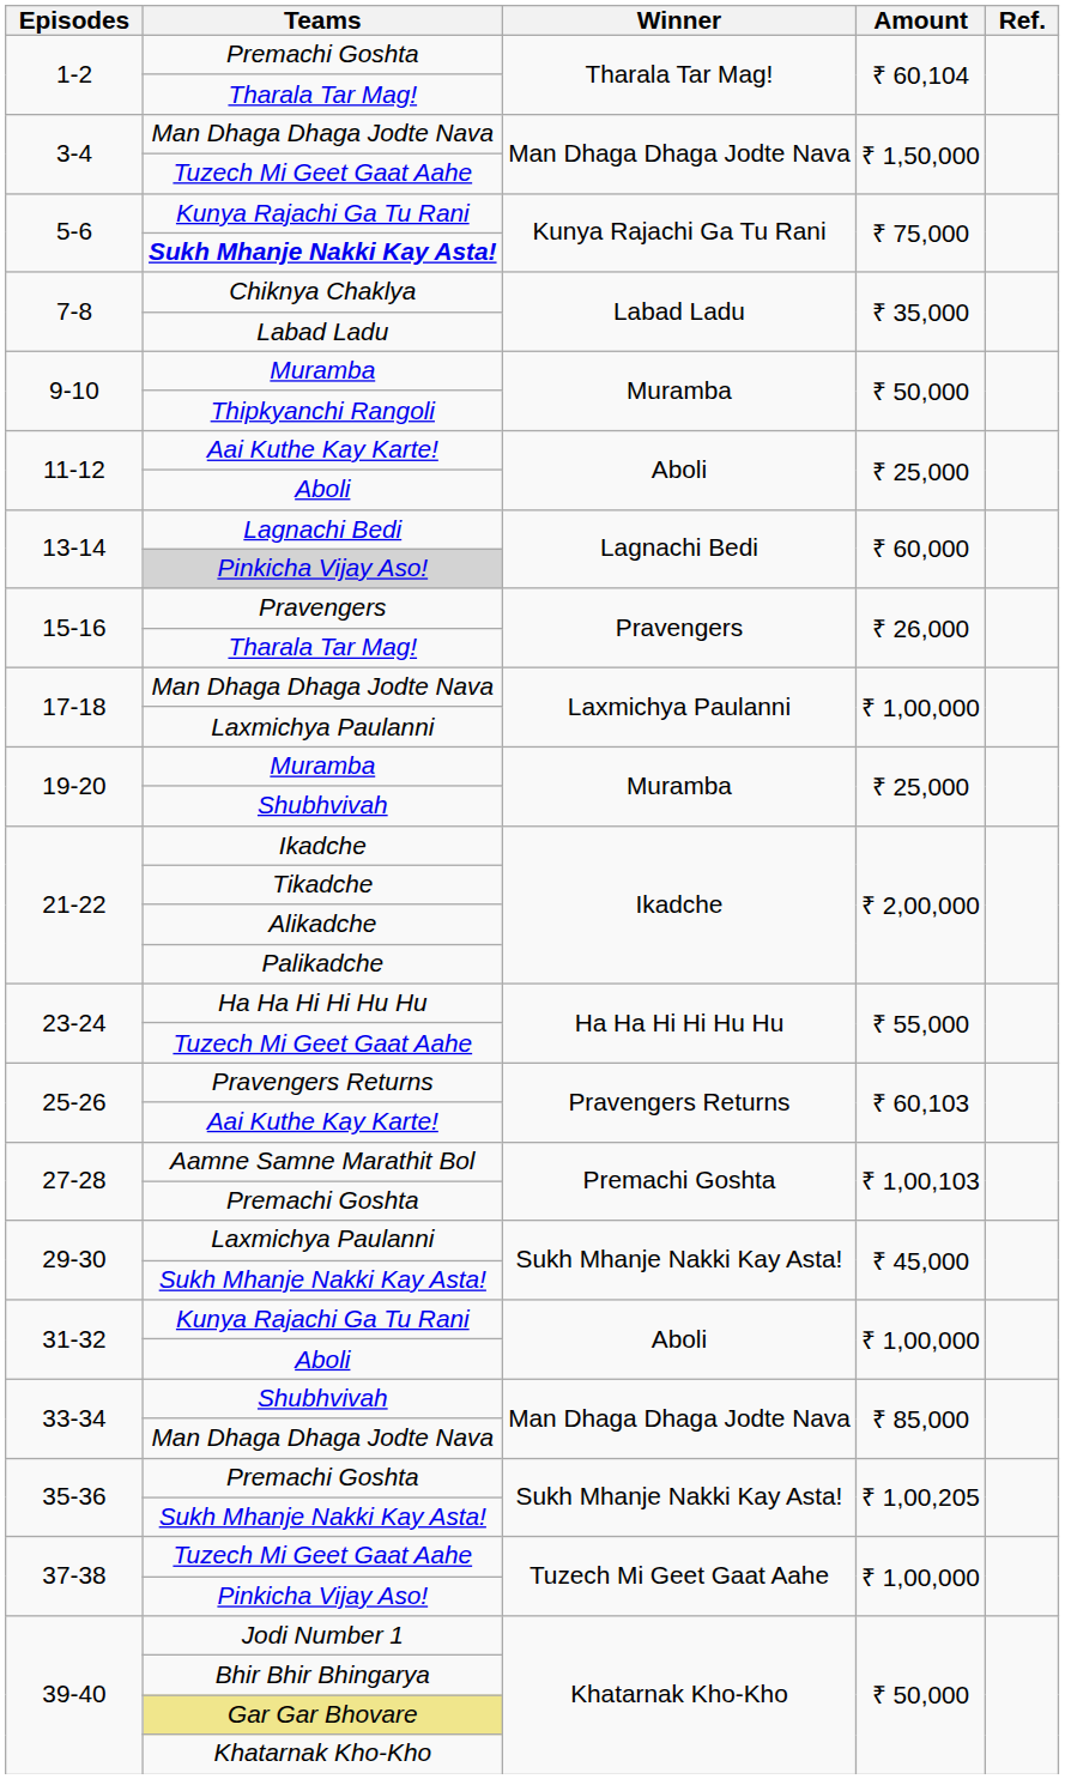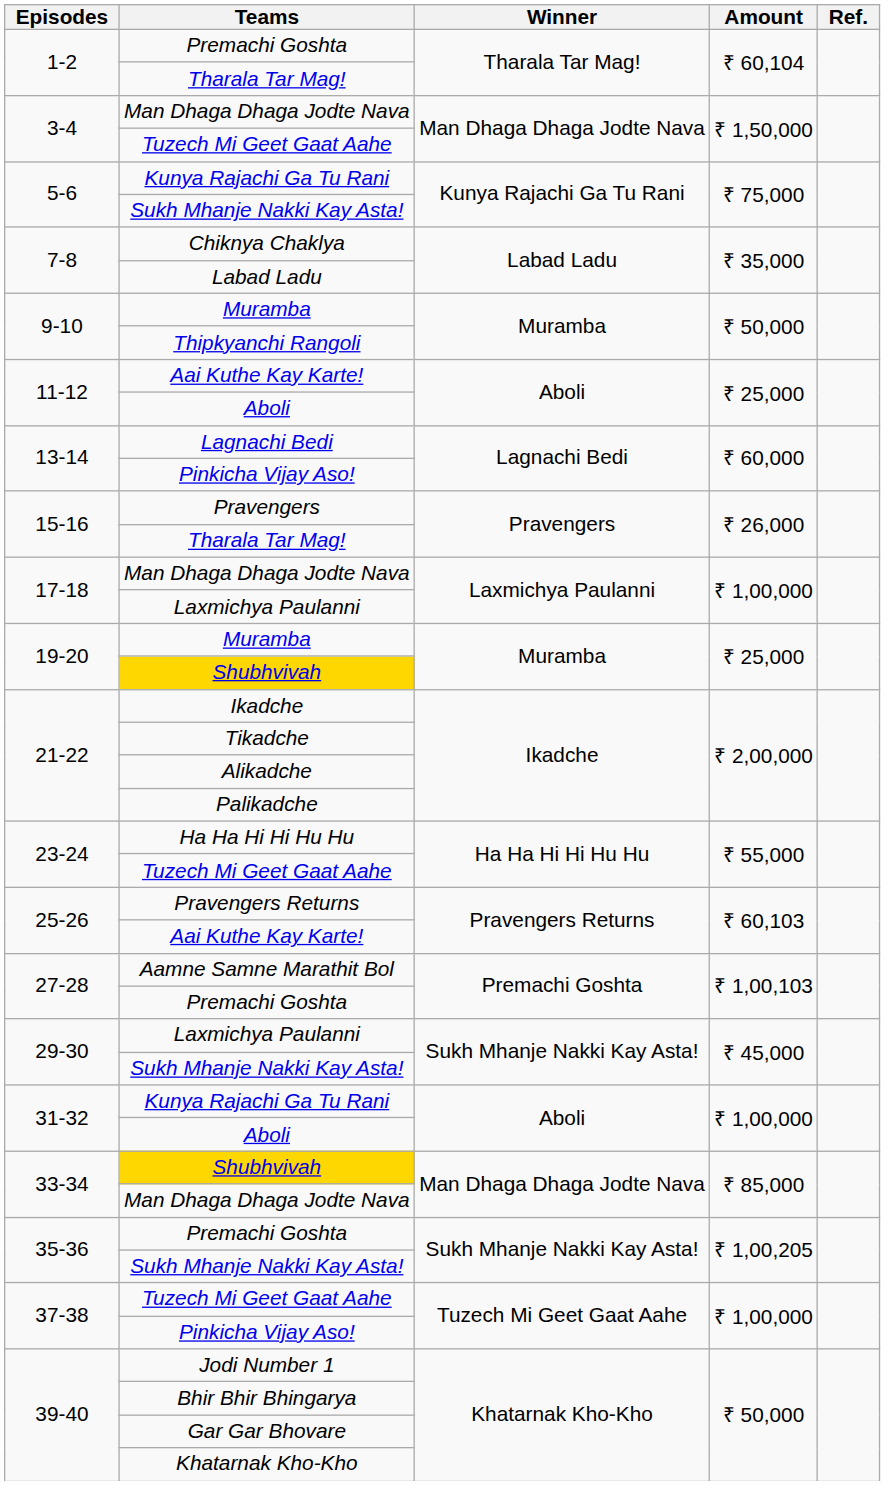 <table class="wikitable sortable" style="text-align:center">
 <tr>
 <th style="padding: 0 8px">Episodes</th>
 <th style="padding: 0 8px">Teams</th>
 <th style="padding: 0 8px">Winner</th>
 <th style="padding: 0 8px">Amount</th>
 <th style="padding: 0 8px">Ref.</th>
 </tr>
 <tr>
 <td rowspan="2">1-2</td>
 <td><em>Premachi Goshta</em></td>
 <td rowspan="2">Tharala Tar Mag!</td>
 <td rowspan="2">₹ 60,104</td>
 <td rowspan="2"></td>
 </tr>
 <tr>
 <td><em><a href='#'>Tharala Tar Mag!</a></em></td>
 </tr>
 <tr>
 <td rowspan="2">3-4</td>
 <td><em>Man Dhaga Dhaga Jodte Nava</em></td>
 <td rowspan="2">Man Dhaga Dhaga Jodte Nava</td>
 <td rowspan="2">₹ 1,50,000</td>
 <td rowspan="2"></td>
 </tr>
 <tr>
 <td><em><a href='#'>Tuzech Mi Geet Gaat Aahe</a></em></td>
 </tr>
 <tr>
 <td rowspan="2">5-6</td>
 <td><em><a href='#'>Kunya Rajachi Ga Tu Rani</a></em></td>
 <td rowspan="2">Kunya Rajachi Ga Tu Rani</td>
 <td rowspan="2">₹ 75,000</td>
 <td rowspan="2"></td>
 </tr>
 <tr>
-<td><strong><em><a href='#'>Sukh Mhanje Nakki Kay Asta!</a></em></strong></td>
+<td><em><a href='#'>Sukh Mhanje Nakki Kay Asta!</a></em></td>
 </tr>
 <tr>
 <td rowspan="2">7-8</td>
 <td><em>Chiknya Chaklya</em></td>
 <td rowspan="2">Labad Ladu</td>
 <td rowspan="2">₹ 35,000</td>
 <td rowspan="2"></td>
 </tr>
 <tr>
 <td><em>Labad Ladu</em></td>
 </tr>
 <tr>
 <td rowspan="2">9-10</td>
 <td><em><a href='#'>Muramba</a></em></td>
 <td rowspan="2">Muramba</td>
 <td rowspan="2">₹ 50,000</td>
 <td rowspan="2"></td>
 </tr>
 <tr>
 <td><em><a href='#'>Thipkyanchi Rangoli</a></em></td>
 </tr>
 <tr>
 <td rowspan="2">11-12</td>
 <td><em><a href='#'>Aai Kuthe Kay Karte!</a></em></td>
 <td rowspan="2">Aboli</td>
 <td rowspan="2">₹ 25,000</td>
 <td rowspan="2"></td>
 </tr>
 <tr>
 <td><em><a href='#'>Aboli</a></em></td>
 </tr>
 <tr>
 <td rowspan="2">13-14</td>
 <td><em><a href='#'>Lagnachi Bedi</a></em></td>
 <td rowspan="2">Lagnachi Bedi</td>
 <td rowspan="2">₹ 60,000</td>
 <td rowspan="2"></td>
 </tr>
 <tr>
-<td style="background: lightgrey;"><em><a href='#'>Pinkicha Vijay Aso!</a></em></td>
+<td><em><a href='#'>Pinkicha Vijay Aso!</a></em></td>
 </tr>
 <tr>
 <td rowspan="2">15-16</td>
 <td><em>Pravengers</em></td>
 <td rowspan="2">Pravengers</td>
 <td rowspan="2">₹ 26,000</td>
 <td rowspan="2"></td>
 </tr>
 <tr>
 <td><em><a href='#'>Tharala Tar Mag!</a></em></td>
 </tr>
 <tr>
 <td rowspan="2">17-18</td>
 <td><em>Man Dhaga Dhaga Jodte Nava</em></td>
 <td rowspan="2">Laxmichya Paulanni</td>
 <td rowspan="2">₹ 1,00,000</td>
 <td rowspan="2"></td>
 </tr>
 <tr>
 <td><em>Laxmichya Paulanni</em></td>
 </tr>
 <tr>
 <td rowspan="2">19-20</td>
 <td><em><a href='#'>Muramba</a></em></td>
 <td rowspan="2">Muramba</td>
 <td rowspan="2">₹ 25,000</td>
 <td rowspan="2"></td>
 </tr>
 <tr>
-<td><em><a href='#'>Shubhvivah</a></em></td>
+<td style="background: gold;"><em><a href='#'>Shubhvivah</a></em></td>
 </tr>
 <tr>
 <td rowspan="4">21-22</td>
 <td><em>Ikadche</em></td>
 <td rowspan="4">Ikadche</td>
 <td rowspan="4">₹ 2,00,000</td>
 <td rowspan="4"></td>
 </tr>
 <tr>
 <td><em>Tikadche</em></td>
 </tr>
 <tr>
 <td><em>Alikadche</em></td>
 </tr>
 <tr>
 <td><em>Palikadche</em></td>
 </tr>
 <tr>
 <td rowspan="2">23-24</td>
 <td><em>Ha Ha Hi Hi Hu Hu</em></td>
 <td rowspan="2">Ha Ha Hi Hi Hu Hu</td>
 <td rowspan="2">₹ 55,000</td>
 <td rowspan="2"></td>
 </tr>
 <tr>
 <td><em><a href='#'>Tuzech Mi Geet Gaat Aahe</a></em></td>
 </tr>
 <tr>
 <td rowspan="2">25-26</td>
 <td><em>Pravengers Returns</em></td>
 <td rowspan="2">Pravengers Returns</td>
 <td rowspan="2">₹ 60,103</td>
 <td rowspan="2"></td>
 </tr>
 <tr>
 <td><em><a href='#'>Aai Kuthe Kay Karte!</a></em></td>
 </tr>
 <tr>
 <td rowspan="2">27-28</td>
 <td><em>Aamne Samne Marathit Bol</em></td>
 <td rowspan="2">Premachi Goshta</td>
 <td rowspan="2">₹ 1,00,103</td>
 <td rowspan="2"></td>
 </tr>
 <tr>
 <td><em>Premachi Goshta</em></td>
 </tr>
 <tr>
 <td rowspan="2">29-30</td>
 <td><em>Laxmichya Paulanni</em></td>
 <td rowspan="2">Sukh Mhanje Nakki Kay Asta!</td>
 <td rowspan="2">₹ 45,000</td>
 <td rowspan="2"></td>
 </tr>
 <tr>
 <td><em><a href='#'>Sukh Mhanje Nakki Kay Asta!</a></em></td>
 </tr>
 <tr>
 <td rowspan="2">31-32</td>
 <td><em><a href='#'>Kunya Rajachi Ga Tu Rani</a></em></td>
 <td rowspan="2">Aboli</td>
 <td rowspan="2">₹ 1,00,000</td>
 <td rowspan="2"></td>
 </tr>
 <tr>
 <td><em><a href='#'>Aboli</a></em></td>
 </tr>
 <tr>
 <td rowspan="2">33-34</td>
-<td><em><a href='#'>Shubhvivah</a></em></td>
+<td style="background: gold;"><em><a href='#'>Shubhvivah</a></em></td>
 <td rowspan="2">Man Dhaga Dhaga Jodte Nava</td>
 <td rowspan="2">₹ 85,000</td>
 <td rowspan="2"></td>
 </tr>
 <tr>
 <td><em>Man Dhaga Dhaga Jodte Nava</em></td>
 </tr>
 <tr>
 <td rowspan="2">35-36</td>
 <td><em>Premachi Goshta</em></td>
 <td rowspan="2">Sukh Mhanje Nakki Kay Asta!</td>
 <td rowspan="2">₹ 1,00,205</td>
 <td rowspan="2"></td>
 </tr>
 <tr>
 <td><em><a href='#'>Sukh Mhanje Nakki Kay Asta!</a></em></td>
 </tr>
 <tr>
 <td rowspan="2">37-38</td>
 <td><em><a href='#'>Tuzech Mi Geet Gaat Aahe</a></em></td>
 <td rowspan="2">Tuzech Mi Geet Gaat Aahe</td>
 <td rowspan="2">₹ 1,00,000</td>
 <td rowspan="2"></td>
 </tr>
 <tr>
 <td><em><a href='#'>Pinkicha Vijay Aso!</a></em></td>
 </tr>
 <tr>
 <td rowspan="4">39-40</td>
 <td><em>Jodi Number 1</em></td>
 <td rowspan="4">Khatarnak Kho-Kho</td>
 <td rowspan="4">₹ 50,000</td>
 <td rowspan="4"></td>
 </tr>
 <tr>
 <td><em>Bhir Bhir Bhingarya</em></td>
 </tr>
 <tr>
-<td style="background: khaki;"><em>Gar Gar Bhovare</em></td>
+<td><em>Gar Gar Bhovare</em></td>
 </tr>
 <tr>
 <td><em>Khatarnak Kho-Kho</em></td>
 </tr>
 </table>
